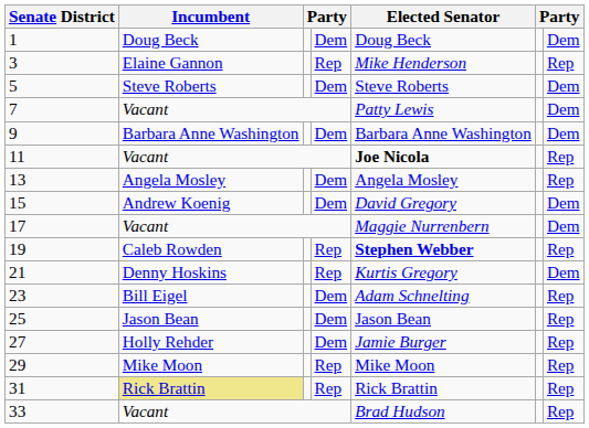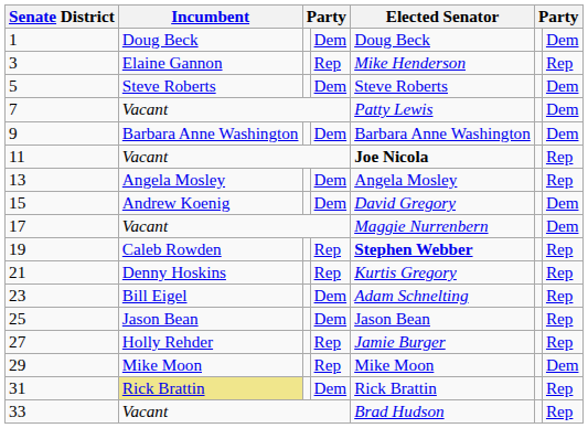 <table class="sortable wikitable" style="font-size:95%;line-height:14px;">
 <tr>
 <th colspan="1" class="sortable"><a href='#'>Senate</a> District</th>
 <th class="unsortable"><a href='#'>Incumbent</a></th>
 <th colspan="2">Party</th>
 <th class="unsortable">Elected Senator</th>
 <th colspan="2">Party</th>
 </tr>
 <tr>
 <td>1</td>
 <td><a href='#'>Doug Beck</a></td>
 <td style="background:"></td>
 <td><a href='#'>Dem</a></td>
 <td><a href='#'>Doug Beck</a></td>
 <td style="background:"></td>
 <td><a href='#'>Dem</a></td>
 </tr>
 <tr>
 <td>3</td>
 <td><a href='#'>Elaine Gannon</a></td>
 <td style="background:"></td>
 <td><a href='#'>Rep</a></td>
 <td><em><a href='#'>Mike Henderson</a></em></td>
 <td style="background:"></td>
 <td><a href='#'>Rep</a></td>
 </tr>
 <tr>
 <td>5</td>
 <td><a href='#'>Steve Roberts</a></td>
 <td style="background:"></td>
 <td><a href='#'>Dem</a></td>
 <td><a href='#'>Steve Roberts</a></td>
 <td style="background:"></td>
 <td><a href='#'>Dem</a></td>
 </tr>
 <tr>
 <td>7</td>
 <td colspan=3><em>Vacant</em></td>
 <td><em><a href='#'>Patty Lewis</a></em></td>
 <td style="background:"></td>
 <td><a href='#'>Dem</a></td>
 </tr>
 <tr>
 <td>9</td>
 <td><a href='#'>Barbara Anne Washington</a></td>
 <td style="background:"></td>
 <td><a href='#'>Dem</a></td>
 <td><a href='#'>Barbara Anne Washington</a></td>
 <td style="background:"></td>
 <td><a href='#'>Dem</a></td>
 </tr>
 <tr>
 <td>11</td>
 <td colspan=3><em>Vacant</em></td>
 <td><strong>Joe Nicola</strong></td>
 <td style="background:"></td>
 <td><a href='#'>Rep</a></td>
 </tr>
 <tr>
 <td>13</td>
 <td><a href='#'>Angela Mosley</a></td>
 <td style="background:"></td>
 <td><a href='#'>Dem</a></td>
 <td><a href='#'>Angela Mosley</a></td>
 <td style="background:"></td>
 <td><a href='#'>Rep</a></td>
 </tr>
 <tr>
 <td>15</td>
 <td><a href='#'>Andrew Koenig</a></td>
 <td style="background:"></td>
 <td><a href='#'>Dem</a></td>
 <td><em><a href='#'>David Gregory</a></em></td>
 <td style="background:"></td>
 <td><a href='#'>Dem</a></td>
 </tr>
 <tr>
 <td>17</td>
 <td colspan=3><em>Vacant</em></td>
 <td><em><a href='#'>Maggie Nurrenbern</a></em></td>
 <td style="background:"></td>
 <td><a href='#'>Dem</a></td>
 </tr>
 <tr>
 <td>19</td>
 <td><a href='#'>Caleb Rowden</a></td>
 <td style="background:"></td>
 <td><a href='#'>Rep</a></td>
 <td><strong><a href='#'>Stephen Webber</a></strong></td>
 <td style="background:"></td>
 <td><a href='#'>Rep</a></td>
 </tr>
 <tr>
 <td>21</td>
 <td><a href='#'>Denny Hoskins</a></td>
 <td style="background:"></td>
 <td><a href='#'>Rep</a></td>
 <td><em><a href='#'>Kurtis Gregory</a></em></td>
 <td style="background:"></td>
-<td><a href='#'>Dem</a></td>
+<td><a href='#'>Rep</a></td>
 </tr>
 <tr>
 <td>23</td>
 <td><a href='#'>Bill Eigel</a></td>
 <td style="background:"></td>
 <td><a href='#'>Dem</a></td>
 <td><em><a href='#'>Adam Schnelting</a></em></td>
 <td style="background:"></td>
 <td><a href='#'>Rep</a></td>
 </tr>
 <tr>
 <td>25</td>
 <td><a href='#'>Jason Bean</a></td>
 <td style="background:"></td>
 <td><a href='#'>Dem</a></td>
 <td><a href='#'>Jason Bean</a></td>
 <td style="background:"></td>
 <td><a href='#'>Rep</a></td>
 </tr>
 <tr>
 <td>27</td>
 <td><a href='#'>Holly Rehder</a></td>
 <td style="background:"></td>
-<td><a href='#'>Dem</a></td>
+<td><a href='#'>Rep</a></td>
 <td><em><a href='#'>Jamie Burger</a></em></td>
 <td style="background:"></td>
 <td><a href='#'>Rep</a></td>
 </tr>
 <tr>
 <td>29</td>
 <td><a href='#'>Mike Moon</a></td>
 <td style="background:"></td>
 <td><a href='#'>Rep</a></td>
 <td><a href='#'>Mike Moon</a></td>
 <td style="background:"></td>
-<td><a href='#'>Rep</a></td>
+<td><a href='#'>Dem</a></td>
 </tr>
 <tr>
 <td>31</td>
 <td style="background: khaki;"><a href='#'>Rick Brattin</a></td>
 <td style="background:"></td>
-<td><a href='#'>Rep</a></td>
+<td><a href='#'>Dem</a></td>
 <td><a href='#'>Rick Brattin</a></td>
 <td style="background:"></td>
 <td><a href='#'>Rep</a></td>
 </tr>
 <tr>
 <td>33</td>
 <td colspan=3><em>Vacant</em></td>
 <td><em><a href='#'>Brad Hudson</a></em></td>
 <td style="background:"></td>
 <td><a href='#'>Rep</a></td>
 </tr>
 <tr>
 </tr>
 </table>
